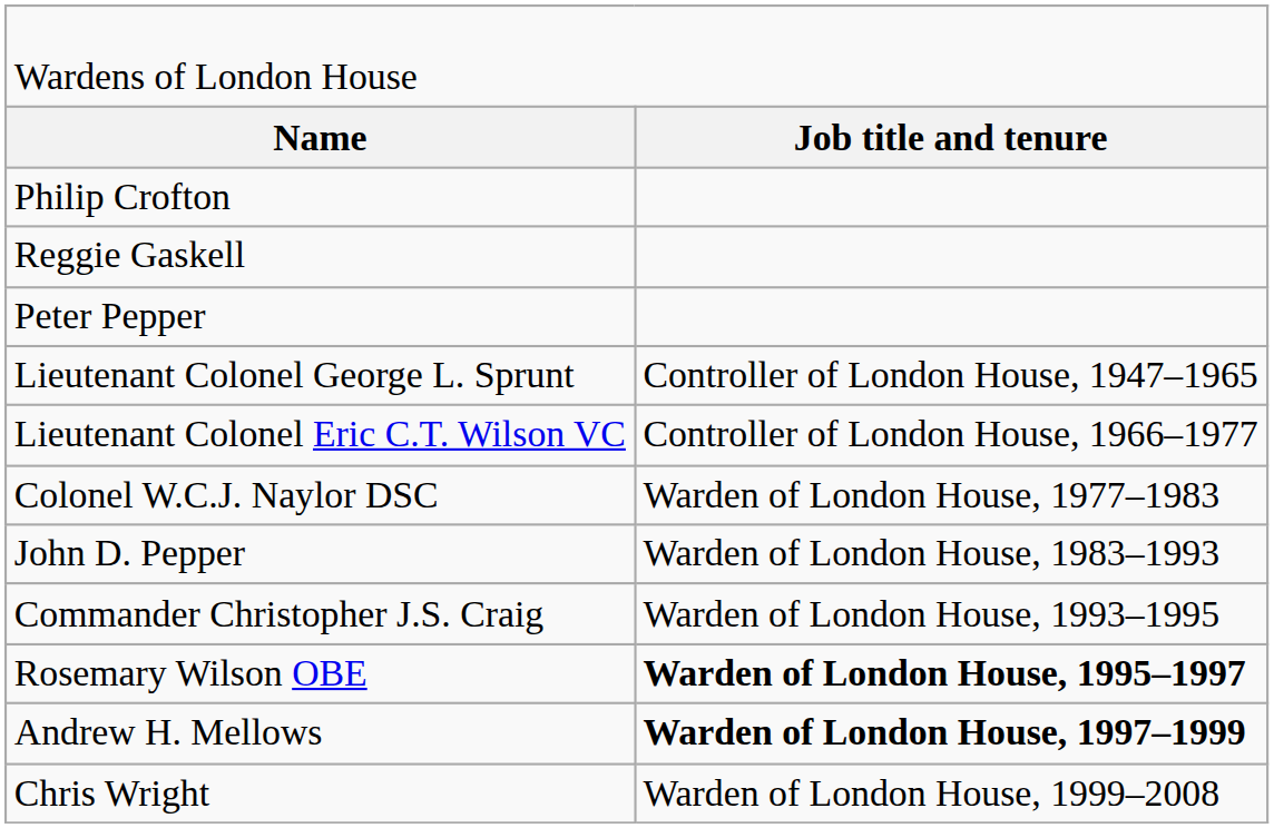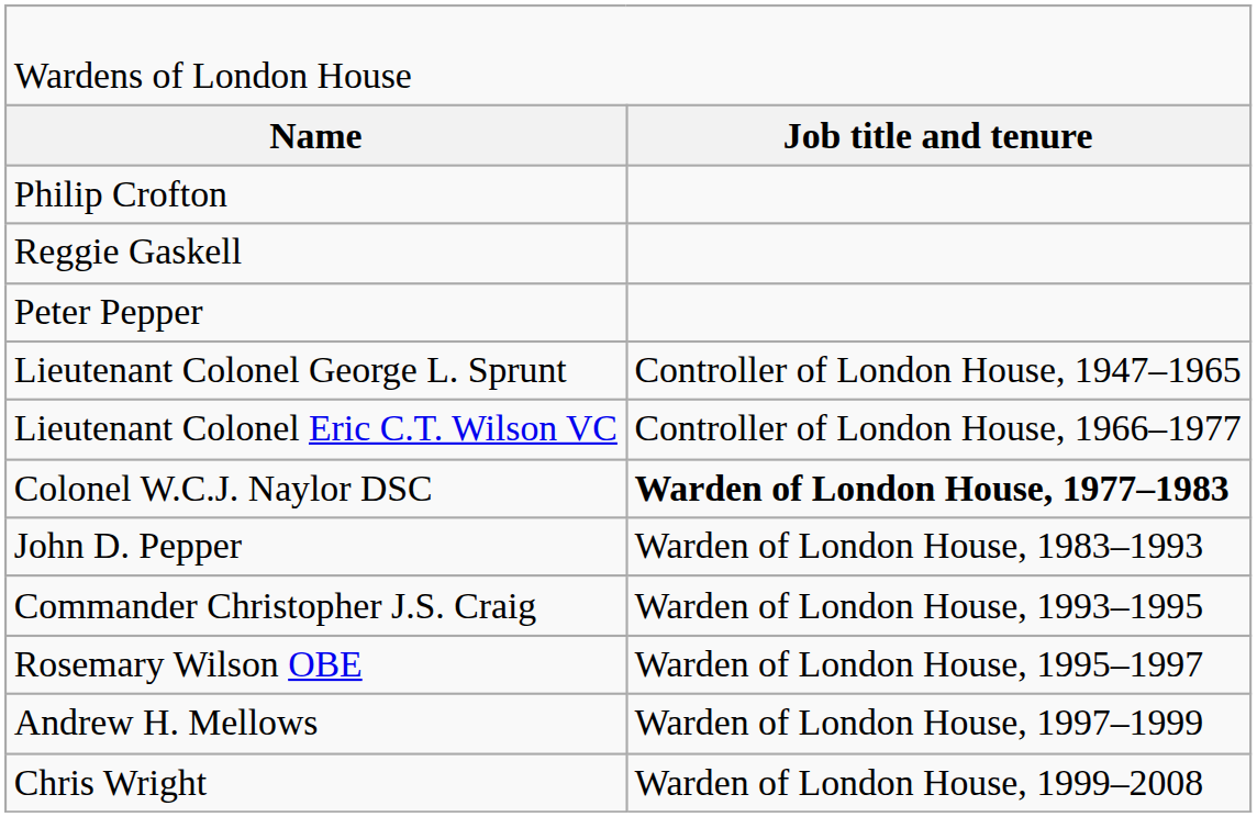 <table class="wikitable">
 <tr>
 <td colspan="3"><br>Wardens of London House</td>
 </tr>
 <tr>
 <th>Name</th>
 <th>Job title and tenure</th>
 </tr>
 <tr>
 <td>Philip Crofton </td>
 <td></td>
 </tr>
 <tr>
 <td>Reggie Gaskell </td>
 <td></td>
 </tr>
 <tr>
 <td>Peter Pepper </td>
 <td></td>
 </tr>
 <tr>
 <td>Lieutenant Colonel George L. Sprunt </td>
 <td>Controller of London House, 1947–1965</td>
 </tr>
 <tr>
 <td>Lieutenant Colonel <a href='#'>Eric C.T. Wilson VC</a></td>
 <td>Controller of London House, 1966–1977</td>
 </tr>
 <tr>
 <td>Colonel W.C.J. Naylor DSC </td>
-<td>Warden of London House, 1977–1983</td>
+<td><strong>Warden of London House, 1977–1983</strong></td>
 </tr>
 <tr>
 <td>John D. Pepper </td>
 <td>Warden of London House, 1983–1993</td>
 </tr>
 <tr>
 <td>Commander Christopher J.S. Craig </td>
 <td>Warden of London House, 1993–1995</td>
 </tr>
 <tr>
 <td>Rosemary Wilson <a href='#'>OBE</a></td>
-<td><strong>Warden of London House, 1995–1997</strong></td>
+<td>Warden of London House, 1995–1997</td>
 </tr>
 <tr>
 <td>Andrew H. Mellows </td>
-<td><strong>Warden of London House, 1997–1999</strong></td>
+<td>Warden of London House, 1997–1999</td>
 </tr>
 <tr>
 <td>Chris Wright </td>
 <td>Warden of London House, 1999–2008</td>
 </tr>
 </table>
